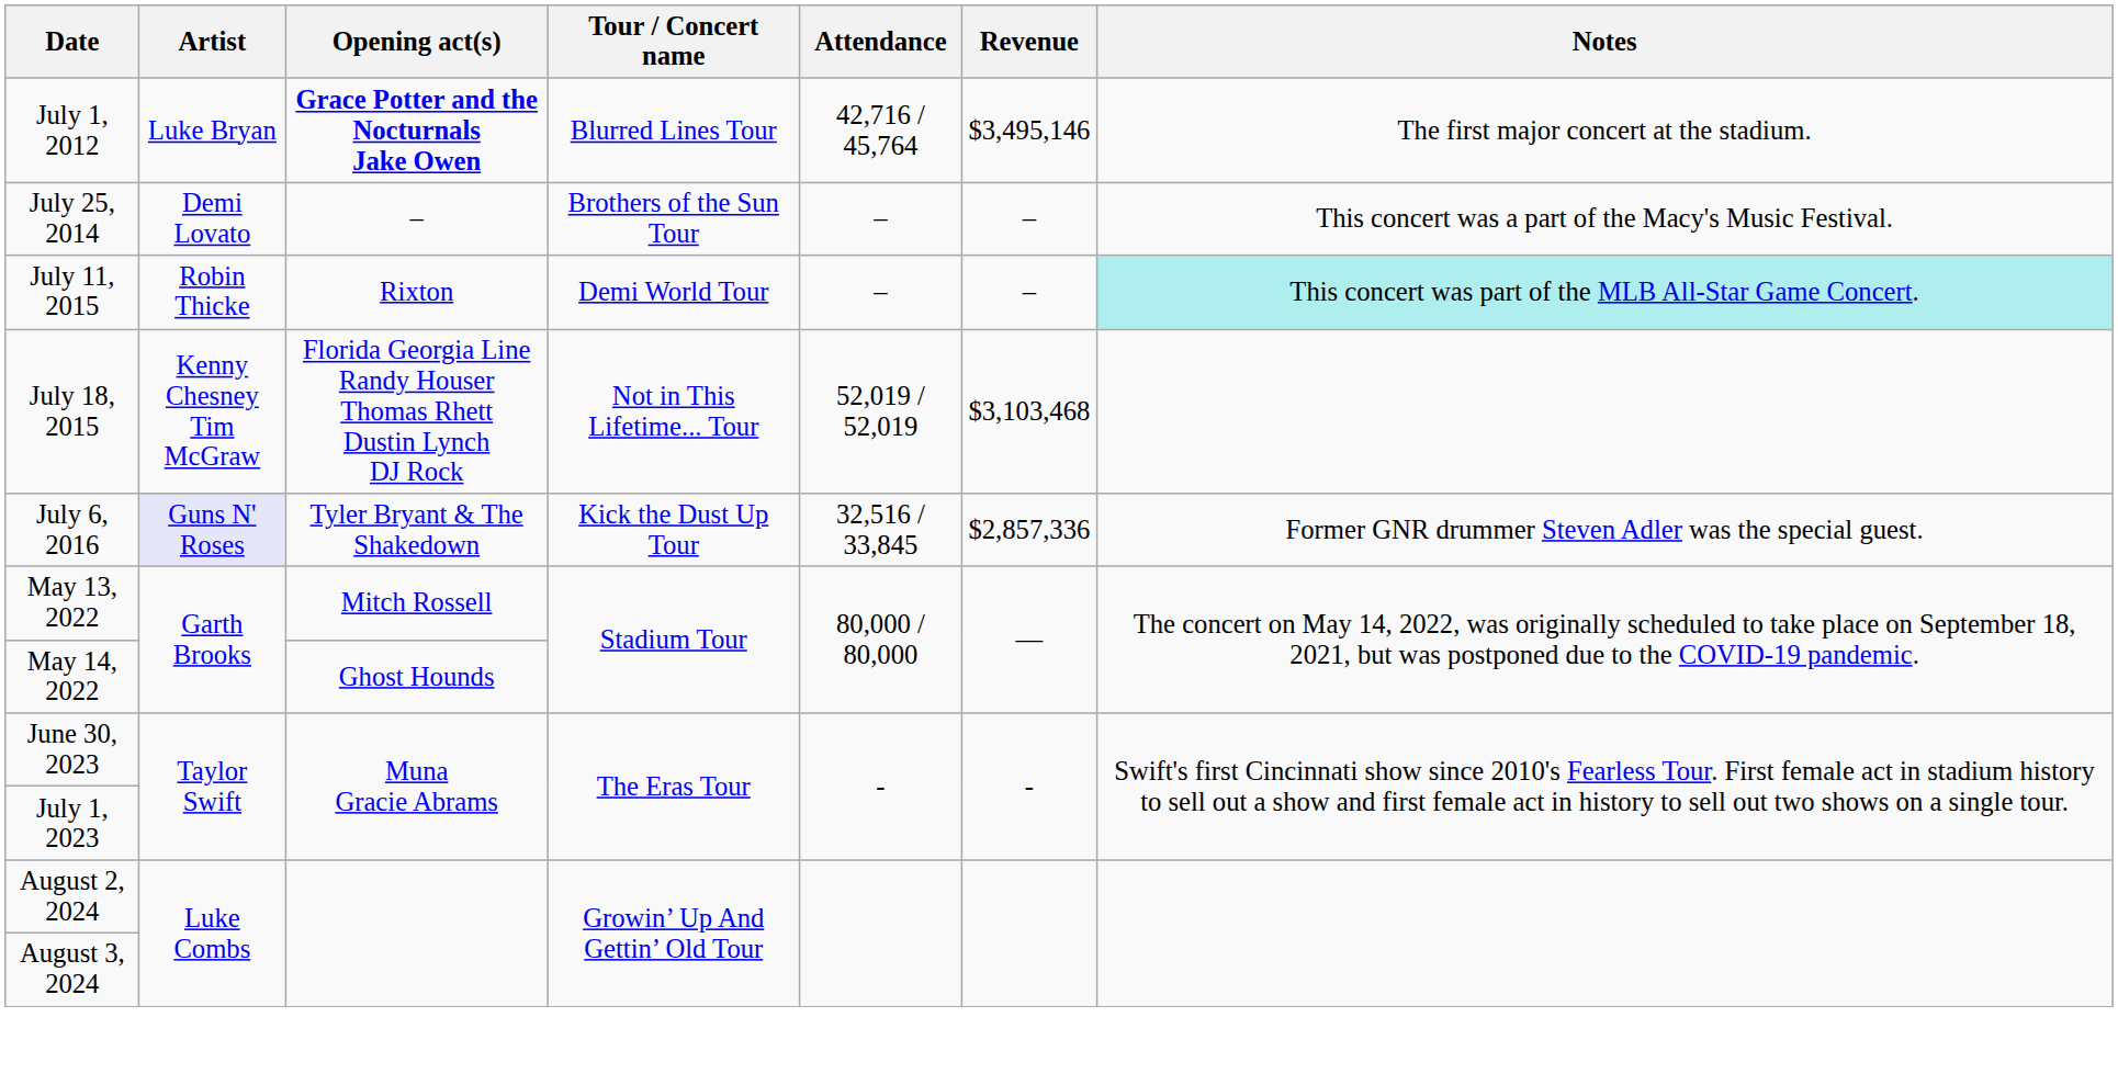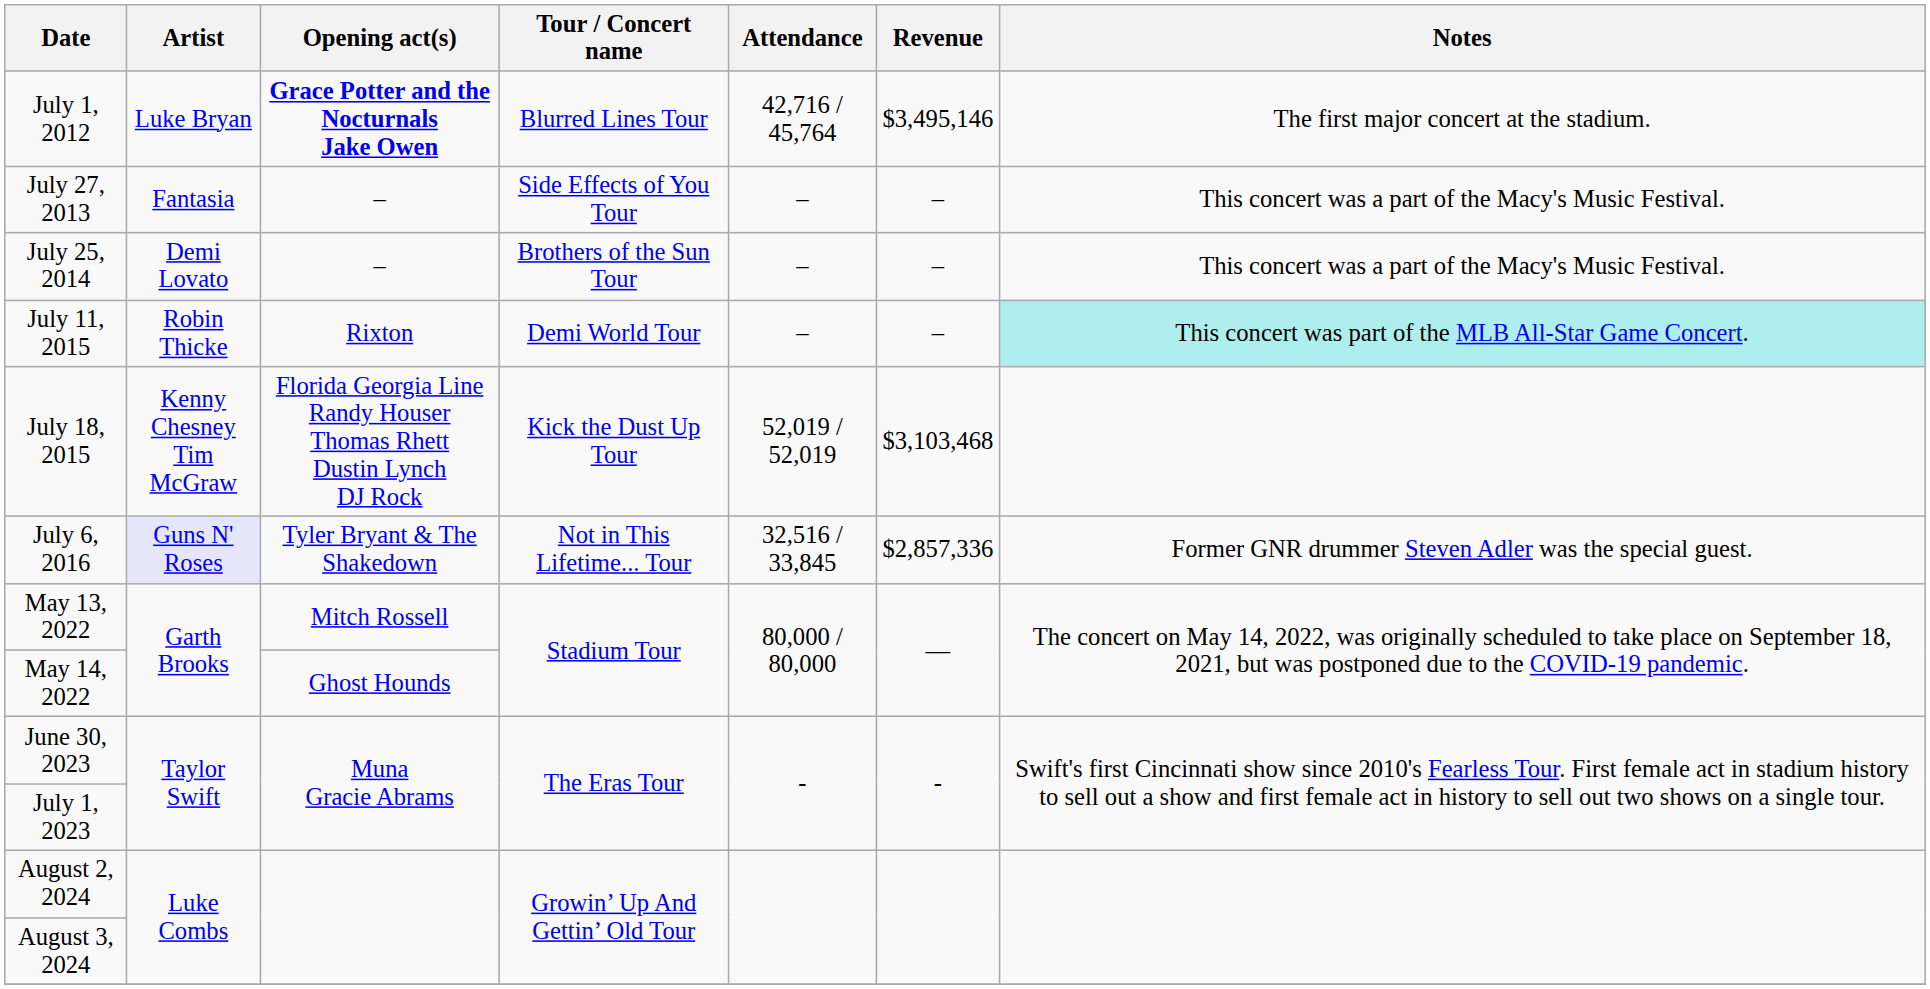 <table class="wikitable" style="text-align: center">
 <tr>
 <th>Date</th>
 <th>Artist</th>
 <th>Opening act(s)</th>
 <th>Tour / Concert name</th>
 <th>Attendance</th>
 <th>Revenue</th>
 <th>Notes</th>
 </tr>
 <tr>
 <td>July 1, 2012</td>
 <td><a href='#'>Luke Bryan</a></td>
 <td><strong><a href='#'>Grace Potter and the Nocturnals</a><br><a href='#'>Jake Owen</a></strong></td>
 <td><a href='#'>Blurred Lines Tour</a></td>
 <td>42,716 / 45,764</td>
 <td>$3,495,146</td>
 <td>The first major concert at the stadium.</td>
+</tr>
+<tr>
+<td>July 27, 2013</td>
+<td><a href='#'>Fantasia</a></td>
+<td>–</td>
+<td><a href='#'>Side Effects of You Tour</a></td>
+<td>–</td>
+<td>–</td>
+<td>This concert was a part of the Macy's Music Festival.</td>
 </tr>
 <tr>
 <td>July 25, 2014</td>
 <td><a href='#'>Demi Lovato</a></td>
 <td>–</td>
 <td><a href='#'>Brothers of the Sun Tour</a></td>
 <td>–</td>
 <td>–</td>
 <td>This concert was a part of the Macy's Music Festival.</td>
 </tr>
 <tr>
 <td>July 11, 2015</td>
 <td><a href='#'>Robin Thicke</a></td>
 <td><a href='#'>Rixton</a></td>
 <td><a href='#'>Demi World Tour</a></td>
 <td>–</td>
 <td>–</td>
 <td style="background: paleturquoise;">This concert was part of the <a href='#'>MLB All-Star Game Concert</a>.</td>
 </tr>
 <tr>
 <td>July 18, 2015</td>
 <td><a href='#'>Kenny Chesney</a><br><a href='#'>Tim McGraw</a></td>
 <td><a href='#'>Florida Georgia Line</a><br><a href='#'>Randy Houser</a><br><a href='#'>Thomas Rhett</a><br><a href='#'>Dustin Lynch</a><br><a href='#'>DJ Rock</a></td>
-<td><a href='#'>Not in This Lifetime... Tour</a></td>
+<td><a href='#'>Kick the Dust Up Tour</a></td>
 <td>52,019 / 52,019</td>
 <td>$3,103,468</td>
 <td></td>
 </tr>
 <tr>
 <td>July 6, 2016</td>
 <td style="background: lavender;"><a href='#'>Guns N' Roses</a></td>
 <td><a href='#'>Tyler Bryant & The Shakedown</a></td>
-<td><a href='#'>Kick the Dust Up Tour</a></td>
+<td><a href='#'>Not in This Lifetime... Tour</a></td>
 <td>32,516 / 33,845</td>
 <td>$2,857,336</td>
 <td>Former GNR drummer <a href='#'>Steven Adler</a> was the special guest.</td>
 </tr>
 <tr>
 <td>May 13, 2022</td>
 <td rowspan=2><a href='#'>Garth Brooks</a></td>
 <td><a href='#'>Mitch Rossell</a></td>
 <td rowspan=2><a href='#'>Stadium Tour</a></td>
 <td rowspan=2>80,000 / 80,000</td>
 <td rowspan=2>—</td>
 <td rowspan=2>The concert on May 14, 2022, was originally scheduled to take place on September 18, 2021, but was postponed due to the <a href='#'>COVID-19 pandemic</a>.</td>
 </tr>
 <tr>
 <td>May 14, 2022</td>
 <td><a href='#'>Ghost Hounds</a></td>
 </tr>
 <tr>
 <td>June 30, 2023</td>
 <td rowspan=2><a href='#'>Taylor Swift</a></td>
 <td rowspan=2><a href='#'>Muna</a><br> <a href='#'>Gracie Abrams</a></td>
 <td rowspan=2><a href='#'>The Eras Tour</a></td>
 <td rowspan=2>-</td>
 <td rowspan=2>-</td>
 <td rowspan=2>Swift's first Cincinnati show since 2010's <a href='#'>Fearless Tour</a>. First female act in stadium history to sell out a show and first female act in history to sell out two shows on a single tour.</td>
 </tr>
 <tr>
 <td>July 1, 2023</td>
 </tr>
 <tr>
 <td>August 2, 2024</td>
 <td rowspan="2"><a href='#'>Luke Combs</a></td>
 <td rowspan="2"></td>
 <td rowspan="2"><a href='#'>Growin’ Up And Gettin’ Old Tour</a></td>
 <td rowspan="2"></td>
 <td rowspan="2"></td>
 <td rowspan="2"></td>
 </tr>
 <tr>
 <td>August 3, 2024</td>
 </tr>
 <tr>
 </tr>
 </table>
